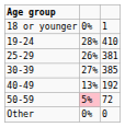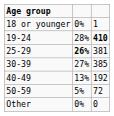 <table class="wikitable">
 <tr>
 <td><strong>Age group</strong></td>
 <td></td>
 <td></td>
 </tr>
 <tr>
 <td>18 or younger</td>
 <td>0%</td>
 <td>1</td>
 </tr>
 <tr>
 <td>19-24</td>
 <td>28%</td>
-<td>410</td>
+<td><strong>410</strong></td>
 </tr>
 <tr>
 <td>25-29</td>
-<td>26%</td>
+<td><strong>26%</strong></td>
 <td>381</td>
 </tr>
 <tr>
 <td>30-39</td>
 <td>27%</td>
 <td>385</td>
 </tr>
 <tr>
 <td>40-49</td>
 <td>13%</td>
 <td>192</td>
 </tr>
 <tr>
 <td>50-59</td>
-<td style="background: pink;">5%</td>
+<td>5%</td>
 <td>72</td>
 </tr>
 <tr>
 <td>Other</td>
 <td>0%</td>
 <td>0</td>
 </tr>
 </table>
